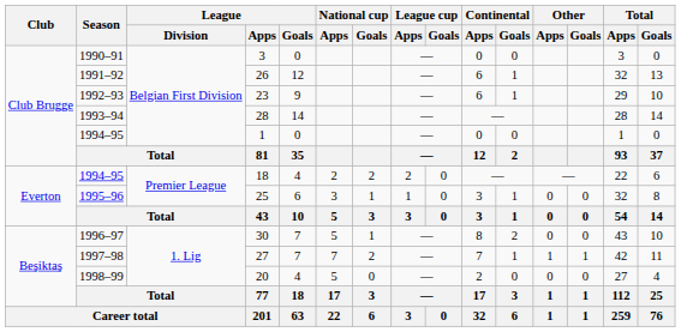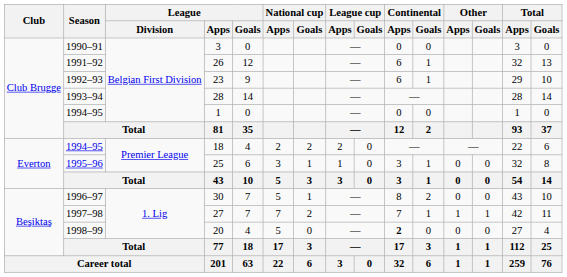 <table class="wikitable" style="text-align:center">
 <tr>
 <th rowspan="2">Club</th>
 <th rowspan="2">Season</th>
 <th colspan="3">League</th>
 <th colspan="2">National cup</th>
 <th colspan="2">League cup</th>
 <th colspan="2">Continental</th>
 <th colspan="2">Other</th>
 <th colspan="2">Total</th>
 </tr>
 <tr>
 <th>Division</th>
 <th>Apps</th>
 <th>Goals</th>
 <th>Apps</th>
 <th>Goals</th>
 <th>Apps</th>
 <th>Goals</th>
 <th>Apps</th>
 <th>Goals</th>
 <th>Apps</th>
 <th>Goals</th>
 <th>Apps</th>
 <th>Goals</th>
 </tr>
 <tr>
 <td rowspan="6"><a href='#'>Club Brugge</a></td>
 <td>1990–91</td>
 <td rowspan="5"><a href='#'>Belgian First Division</a></td>
 <td>3</td>
 <td>0</td>
 <td></td>
 <td></td>
 <td colspan="2">—</td>
 <td>0</td>
 <td>0</td>
 <td></td>
 <td></td>
 <td>3</td>
 <td>0</td>
 </tr>
 <tr>
 <td>1991–92</td>
 <td>26</td>
 <td>12</td>
 <td></td>
 <td></td>
 <td colspan="2">—</td>
 <td>6</td>
 <td>1</td>
 <td></td>
 <td></td>
 <td>32</td>
 <td>13</td>
 </tr>
 <tr>
 <td>1992–93</td>
 <td>23</td>
 <td>9</td>
 <td></td>
 <td></td>
 <td colspan="2">—</td>
 <td>6</td>
 <td>1</td>
 <td></td>
 <td></td>
 <td>29</td>
 <td>10</td>
 </tr>
 <tr>
 <td>1993–94</td>
 <td>28</td>
 <td>14</td>
 <td></td>
 <td></td>
 <td colspan="2">—</td>
 <td colspan="2">—</td>
 <td></td>
 <td></td>
 <td>28</td>
 <td>14</td>
 </tr>
 <tr>
 <td>1994–95</td>
 <td>1</td>
 <td>0</td>
 <td></td>
 <td></td>
 <td colspan="2">—</td>
 <td>0</td>
 <td>0</td>
 <td></td>
 <td></td>
 <td>1</td>
 <td>0</td>
 </tr>
 <tr>
 <th colspan="2">Total</th>
 <th>81</th>
 <th>35</th>
 <th></th>
 <th></th>
 <th colspan="2">—</th>
 <th>12</th>
 <th>2</th>
 <th></th>
 <th></th>
 <th>93</th>
 <th>37</th>
 </tr>
 <tr>
 <td rowspan="3"><a href='#'>Everton</a></td>
 <td><a href='#'>1994–95</a></td>
 <td rowspan="2"><a href='#'>Premier League</a></td>
 <td>18</td>
 <td>4</td>
 <td>2</td>
 <td>2</td>
 <td>2</td>
 <td>0</td>
 <td colspan="2">—</td>
 <td colspan="2">—</td>
 <td>22</td>
 <td>6</td>
 </tr>
 <tr>
 <td><a href='#'>1995–96</a></td>
 <td>25</td>
 <td>6</td>
 <td>3</td>
 <td>1</td>
 <td>1</td>
 <td>0</td>
 <td>3</td>
 <td>1</td>
 <td>0</td>
 <td>0</td>
 <td>32</td>
 <td>8</td>
 </tr>
 <tr>
 <th colspan="2">Total</th>
 <th>43</th>
 <th>10</th>
 <th>5</th>
 <th>3</th>
 <th>3</th>
 <th>0</th>
 <th>3</th>
 <th>1</th>
 <th>0</th>
 <th>0</th>
 <th>54</th>
 <th>14</th>
 </tr>
 <tr>
 <td rowspan="4"><a href='#'>Beşiktaş</a></td>
 <td>1996–97</td>
 <td rowspan="3"><a href='#'>1. Lig</a></td>
 <td>30</td>
 <td>7</td>
 <td>5</td>
 <td>1</td>
 <td colspan="2">—</td>
 <td>8</td>
 <td>2</td>
 <td>0</td>
 <td>0</td>
 <td>43</td>
 <td>10</td>
 </tr>
 <tr>
 <td>1997–98</td>
 <td>27</td>
 <td>7</td>
 <td>7</td>
 <td>2</td>
 <td colspan="2">—</td>
 <td>7</td>
 <td>1</td>
 <td>1</td>
 <td>1</td>
 <td>42</td>
 <td>11</td>
 </tr>
 <tr>
 <td>1998–99</td>
 <td>20</td>
 <td>4</td>
 <td>5</td>
 <td>0</td>
 <td colspan="2">—</td>
-<td>2</td>
+<td><strong>2</strong></td>
 <td>0</td>
 <td>0</td>
 <td>0</td>
 <td>27</td>
 <td>4</td>
 </tr>
 <tr>
 <th colspan="2">Total</th>
 <th>77</th>
 <th>18</th>
 <th>17</th>
 <th>3</th>
 <th colspan="2">—</th>
 <th>17</th>
 <th>3</th>
 <th>1</th>
 <th>1</th>
 <th>112</th>
 <th>25</th>
 </tr>
 <tr>
 <th colspan="3">Career total</th>
 <th>201</th>
 <th>63</th>
 <th>22</th>
 <th>6</th>
 <th>3</th>
 <th>0</th>
 <th>32</th>
 <th>6</th>
 <th>1</th>
 <th>1</th>
 <th>259</th>
 <th>76</th>
 </tr>
 </table>
